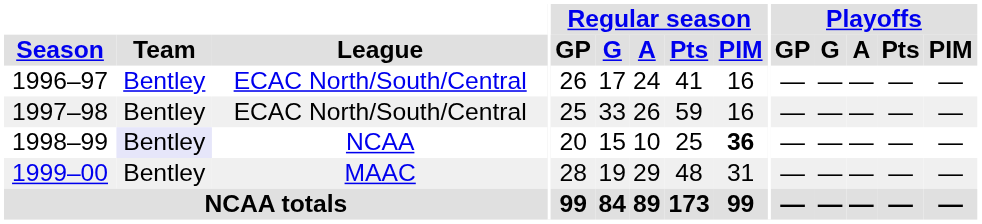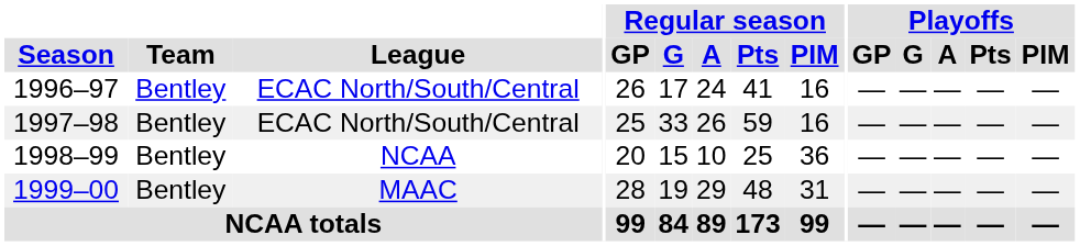 <table border="0" cellpadding="1" cellspacing="0" style="text-align:center; width:50%">
 <tr bgcolor="#e0e0e0">
 <th colspan="3" bgcolor="#ffffff"></th>
 <th rowspan="99" bgcolor="#ffffff"></th>
 <th colspan="5"><a href='#'>Regular season</a></th>
 <th rowspan="99" bgcolor="#ffffff"></th>
 <th colspan="5"><a href='#'>Playoffs</a></th>
 </tr>
 <tr bgcolor="#e0e0e0">
 <th><a href='#'>Season</a></th>
 <th>Team</th>
 <th>League</th>
 <th>GP</th>
 <th><a href='#'>G</a></th>
 <th><a href='#'>A</a></th>
 <th><a href='#'>Pts</a></th>
 <th><a href='#'>PIM</a></th>
 <th>GP</th>
 <th>G</th>
 <th>A</th>
 <th>Pts</th>
 <th>PIM</th>
 </tr>
 <tr ALIGN="center">
 <td>1996–97</td>
 <td><a href='#'>Bentley</a></td>
 <td><a href='#'>ECAC North/South/Central</a></td>
 <td>26</td>
 <td>17</td>
 <td>24</td>
 <td>41</td>
 <td>16</td>
 <td>—</td>
 <td>—</td>
 <td>—</td>
 <td>—</td>
 <td>—</td>
 </tr>
 <tr ALIGN="center" bgcolor="#f0f0f0">
 <td>1997–98</td>
 <td>Bentley</td>
 <td>ECAC North/South/Central</td>
 <td>25</td>
 <td>33</td>
 <td>26</td>
 <td>59</td>
 <td>16</td>
 <td>—</td>
 <td>—</td>
 <td>—</td>
 <td>—</td>
 <td>—</td>
 </tr>
 <tr ALIGN="center">
 <td>1998–99</td>
-<td style="background: lavender;">Bentley</td>
+<td>Bentley</td>
 <td><a href='#'>NCAA</a></td>
 <td>20</td>
 <td>15</td>
 <td>10</td>
 <td>25</td>
-<td><strong>36</strong></td>
+<td>36</td>
 <td>—</td>
 <td>—</td>
 <td>—</td>
 <td>—</td>
 <td>—</td>
 </tr>
 <tr ALIGN="center" bgcolor="#f0f0f0">
 <td><a href='#'>1999–00</a></td>
 <td>Bentley</td>
 <td><a href='#'>MAAC</a></td>
 <td>28</td>
 <td>19</td>
 <td>29</td>
 <td>48</td>
 <td>31</td>
 <td>—</td>
 <td>—</td>
 <td>—</td>
 <td>—</td>
 <td>—</td>
 </tr>
 <tr bgcolor="#e0e0e0">
 <th colspan="3">NCAA totals</th>
 <th>99</th>
 <th>84</th>
 <th>89</th>
 <th>173</th>
 <th>99</th>
 <th>—</th>
 <th>—</th>
 <th>—</th>
 <th>—</th>
 <th>—</th>
 </tr>
 </table>
